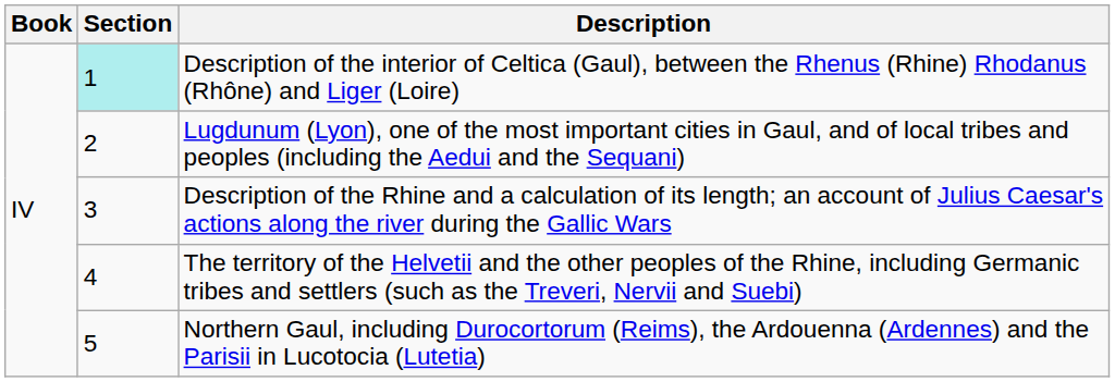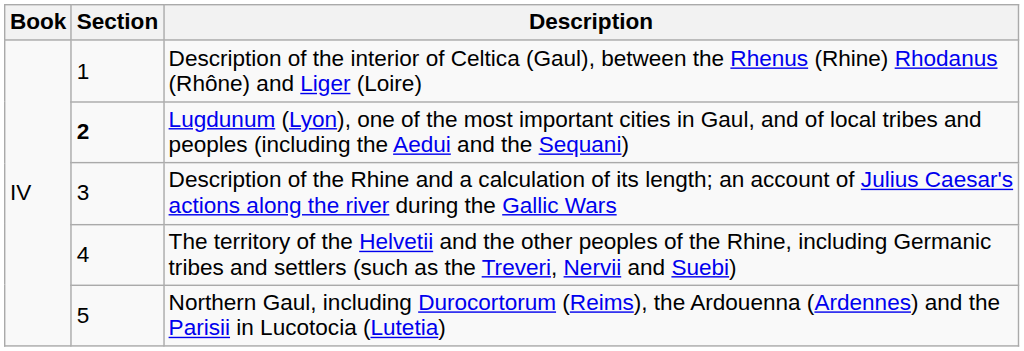 <table class="wikitable" style="max-width:45em;">
 <tr>
 <th>Book</th>
 <th>Section</th>
 <th>Description</th>
 </tr>
 <tr>
 <td rowspan="15">IV</td>
-<td style="background: paleturquoise;">1</td>
+<td>1</td>
 <td>Description of the interior of Celtica (Gaul), between the <a href='#'>Rhenus</a> (Rhine) <a href='#'>Rhodanus</a> (Rhône) and <a href='#'>Liger</a> (Loire)</td>
 </tr>
 <tr>
-<td>2</td>
+<td><strong>2</strong></td>
 <td><a href='#'>Lugdunum</a> (<a href='#'>Lyon</a>), one of the most important cities in Gaul, and of local tribes and peoples (including the <a href='#'>Aedui</a> and the <a href='#'>Sequani</a>)</td>
 </tr>
 <tr>
 <td>3</td>
 <td>Description of the Rhine and a calculation of its length; an account of <a href='#'>Julius Caesar's actions along the river</a> during the <a href='#'>Gallic Wars</a></td>
 </tr>
 <tr>
 <td>4</td>
 <td>The territory of the <a href='#'>Helvetii</a> and the other peoples of the Rhine, including Germanic tribes and settlers (such as the <a href='#'>Treveri</a>, <a href='#'>Nervii</a> and <a href='#'>Suebi</a>)</td>
 </tr>
 <tr>
 <td>5</td>
 <td>Northern Gaul, including <a href='#'>Durocortorum</a> (<a href='#'>Reims</a>), the Ardouenna (<a href='#'>Ardennes</a>) and the <a href='#'>Parisii</a> in Lucotocia (<a href='#'>Lutetia</a>)</td>
 </tr>
 </table>
